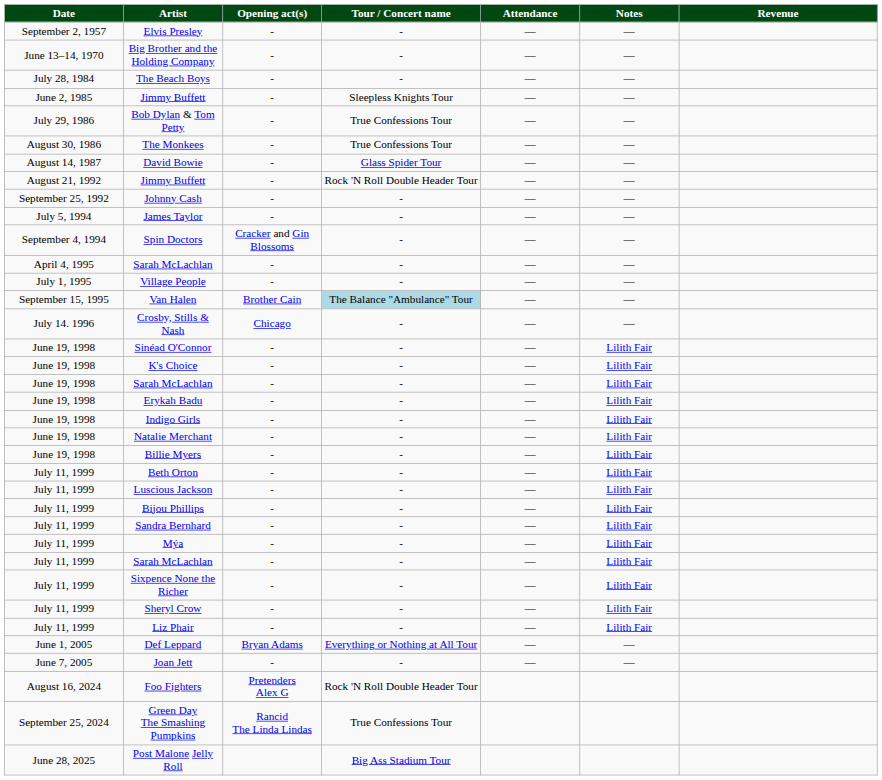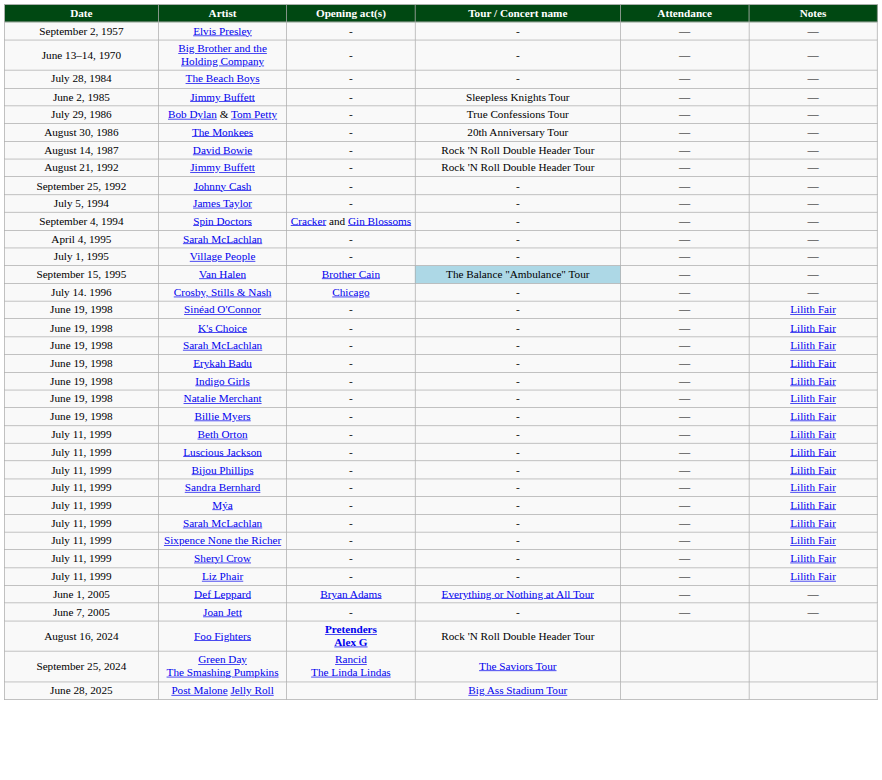 <table class="wikitable" style="text-align:center;">
 <tr>
 <th width=12% style="text-align:center; background:#004812; color:#FFFFFF; ">Date</th>
 <th width=10% style="text-align:center; background:#004812; color:#FFFFFF; ">Artist</th>
 <th width=10% style="text-align:center; background:#004812; color:#FFFFFF; ">Opening act(s)</th>
 <th width=16% style="text-align:center; background:#004812; color:#FFFFFF; ">Tour / Concert name</th>
 <th width=10% style="text-align:center; background:#004812; color:#FFFFFF; ">Attendance</th>
 <th width=10% style="text-align:center; background:#004812; color:#FFFFFF; ">Notes</th>
-<th width=20% style="text-align:center; background:#004812; color:#FFFFFF; ">Revenue</th>
 </tr>
 <tr>
 <td>September 2, 1957</td>
 <td><a href='#'>Elvis Presley</a></td>
 <td>-</td>
 <td>-</td>
 <td>—</td>
 <td>—</td>
-<td></td>
 </tr>
 <tr>
 <td>June 13–14, 1970</td>
 <td><a href='#'>Big Brother and the Holding Company</a></td>
 <td>-</td>
 <td>-</td>
 <td>—</td>
 <td>—</td>
-<td></td>
 </tr>
 <tr>
 <td>July 28, 1984</td>
 <td><a href='#'>The Beach Boys</a></td>
 <td>-</td>
 <td>-</td>
 <td>—</td>
 <td>—</td>
-<td></td>
 </tr>
 <tr>
 <td>June 2, 1985</td>
 <td><a href='#'>Jimmy Buffett</a></td>
 <td>-</td>
 <td>Sleepless Knights Tour</td>
 <td>—</td>
 <td>—</td>
-<td></td>
 </tr>
 <tr>
 <td>July 29, 1986</td>
 <td><a href='#'>Bob Dylan</a> & <a href='#'>Tom Petty</a></td>
 <td>-</td>
 <td>True Confessions Tour</td>
 <td>—</td>
 <td>—</td>
-<td></td>
 </tr>
 <tr>
 <td>August 30, 1986</td>
 <td><a href='#'>The Monkees</a></td>
 <td>-</td>
-<td>True Confessions Tour</td>
+<td>20th Anniversary Tour</td>
 <td>—</td>
 <td>—</td>
-<td></td>
 </tr>
 <tr>
 <td>August 14, 1987</td>
 <td><a href='#'>David Bowie</a></td>
 <td>-</td>
-<td><a href='#'>Glass Spider Tour</a></td>
+<td>Rock 'N Roll Double Header Tour</td>
 <td>—</td>
 <td>—</td>
-<td></td>
 </tr>
 <tr>
 <td>August 21, 1992</td>
 <td><a href='#'>Jimmy Buffett</a></td>
 <td>-</td>
 <td>Rock 'N Roll Double Header Tour</td>
 <td>—</td>
 <td>—</td>
-<td></td>
 </tr>
 <tr>
 <td>September 25, 1992</td>
 <td><a href='#'>Johnny Cash</a></td>
 <td>-</td>
 <td>-</td>
 <td>—</td>
 <td>—</td>
-<td></td>
 </tr>
 <tr>
 <td>July 5, 1994</td>
 <td><a href='#'>James Taylor</a></td>
 <td>-</td>
 <td>-</td>
 <td>—</td>
 <td>—</td>
-<td></td>
 </tr>
 <tr>
 <td>September 4, 1994</td>
 <td><a href='#'>Spin Doctors</a></td>
 <td><a href='#'>Cracker</a> and <a href='#'>Gin Blossoms</a></td>
 <td>-</td>
 <td>—</td>
 <td>—</td>
-<td></td>
 </tr>
 <tr>
 <td>April 4, 1995</td>
 <td><a href='#'>Sarah McLachlan</a></td>
 <td>-</td>
 <td>-</td>
 <td>—</td>
 <td>—</td>
-<td></td>
 </tr>
 <tr>
 <td>July 1, 1995</td>
 <td><a href='#'>Village People</a></td>
 <td>-</td>
 <td>-</td>
 <td>—</td>
 <td>—</td>
-<td></td>
 </tr>
 <tr>
 <td>September 15, 1995</td>
 <td><a href='#'>Van Halen</a></td>
 <td><a href='#'>Brother Cain</a></td>
 <td style="background: lightblue;">The Balance "Ambulance" Tour</td>
 <td>—</td>
 <td>—</td>
-<td></td>
 </tr>
 <tr>
 <td>July 14. 1996</td>
 <td><a href='#'>Crosby, Stills & Nash</a></td>
 <td><a href='#'>Chicago</a></td>
 <td>-</td>
 <td>—</td>
 <td>—</td>
-<td></td>
 </tr>
 <tr>
 <td>June 19, 1998</td>
 <td><a href='#'>Sinéad O'Connor</a></td>
 <td>-</td>
 <td>-</td>
 <td>—</td>
 <td><a href='#'>Lilith Fair</a></td>
-<td></td>
 </tr>
 <tr>
 <td>June 19, 1998</td>
 <td><a href='#'>K's Choice</a></td>
 <td>-</td>
 <td>-</td>
 <td>—</td>
 <td><a href='#'>Lilith Fair</a></td>
-<td></td>
 </tr>
 <tr>
 <td>June 19, 1998</td>
 <td><a href='#'>Sarah McLachlan</a></td>
 <td>-</td>
 <td>-</td>
 <td>—</td>
 <td><a href='#'>Lilith Fair</a></td>
-<td></td>
 </tr>
 <tr>
 <td>June 19, 1998</td>
 <td><a href='#'>Erykah Badu</a></td>
 <td>-</td>
 <td>-</td>
 <td>—</td>
 <td><a href='#'>Lilith Fair</a></td>
-<td></td>
 </tr>
 <tr>
 <td>June 19, 1998</td>
 <td><a href='#'>Indigo Girls</a></td>
 <td>-</td>
 <td>-</td>
 <td>—</td>
 <td><a href='#'>Lilith Fair</a></td>
-<td></td>
 </tr>
 <tr>
 <td>June 19, 1998</td>
 <td><a href='#'>Natalie Merchant</a></td>
 <td>-</td>
 <td>-</td>
 <td>—</td>
 <td><a href='#'>Lilith Fair</a></td>
-<td></td>
 </tr>
 <tr>
 <td>June 19, 1998</td>
 <td><a href='#'>Billie Myers</a></td>
 <td>-</td>
 <td>-</td>
 <td>—</td>
 <td><a href='#'>Lilith Fair</a></td>
-<td></td>
 </tr>
 <tr>
 <td>July 11, 1999</td>
 <td><a href='#'>Beth Orton</a></td>
 <td>-</td>
 <td>-</td>
 <td>—</td>
 <td><a href='#'>Lilith Fair</a></td>
-<td></td>
 </tr>
 <tr>
 <td>July 11, 1999</td>
 <td><a href='#'>Luscious Jackson</a></td>
 <td>-</td>
 <td>-</td>
 <td>—</td>
 <td><a href='#'>Lilith Fair</a></td>
-<td></td>
 </tr>
 <tr>
 <td>July 11, 1999</td>
 <td><a href='#'>Bijou Phillips</a></td>
 <td>-</td>
 <td>-</td>
 <td>—</td>
 <td><a href='#'>Lilith Fair</a></td>
-<td></td>
 </tr>
 <tr>
 <td>July 11, 1999</td>
 <td><a href='#'>Sandra Bernhard</a></td>
 <td>-</td>
 <td>-</td>
 <td>—</td>
 <td><a href='#'>Lilith Fair</a></td>
-<td></td>
 </tr>
 <tr>
 <td>July 11, 1999</td>
 <td><a href='#'>Mýa</a></td>
 <td>-</td>
 <td>-</td>
 <td>—</td>
 <td><a href='#'>Lilith Fair</a></td>
-<td></td>
 </tr>
 <tr>
 <td>July 11, 1999</td>
 <td><a href='#'>Sarah McLachlan</a></td>
 <td>-</td>
 <td>-</td>
 <td>—</td>
 <td><a href='#'>Lilith Fair</a></td>
-<td></td>
 </tr>
 <tr>
 <td>July 11, 1999</td>
 <td><a href='#'>Sixpence None the Richer</a></td>
 <td>-</td>
 <td>-</td>
 <td>—</td>
 <td><a href='#'>Lilith Fair</a></td>
-<td></td>
 </tr>
 <tr>
 <td>July 11, 1999</td>
 <td><a href='#'>Sheryl Crow</a></td>
 <td>-</td>
 <td>-</td>
 <td>—</td>
 <td><a href='#'>Lilith Fair</a></td>
-<td></td>
 </tr>
 <tr>
 <td>July 11, 1999</td>
 <td><a href='#'>Liz Phair</a></td>
 <td>-</td>
 <td>-</td>
 <td>—</td>
 <td><a href='#'>Lilith Fair</a></td>
-<td></td>
 </tr>
 <tr>
 <td>June 1, 2005</td>
 <td><a href='#'>Def Leppard</a></td>
 <td><a href='#'>Bryan Adams</a></td>
 <td><a href='#'>Everything or Nothing at All Tour</a></td>
 <td>—</td>
 <td>—</td>
-<td></td>
 </tr>
 <tr>
 <td>June 7, 2005</td>
 <td><a href='#'>Joan Jett</a></td>
 <td>-</td>
 <td>-</td>
 <td>—</td>
 <td>—</td>
-<td></td>
 </tr>
 <tr>
 <td>August 16, 2024</td>
 <td><a href='#'>Foo Fighters</a></td>
-<td><a href='#'>Pretenders</a><br><a href='#'>Alex G</a></td>
+<td><strong><a href='#'>Pretenders</a><br><a href='#'>Alex G</a></strong></td>
 <td>Rock 'N Roll Double Header Tour</td>
-<td></td>
 <td></td>
 <td></td>
 </tr>
 <tr>
 <td>September 25, 2024</td>
 <td><a href='#'>Green Day</a><br><a href='#'>The Smashing Pumpkins</a></td>
 <td><a href='#'>Rancid</a><br><a href='#'>The Linda Lindas</a></td>
-<td>True Confessions Tour</td>
-<td></td>
+<td><a href='#'>The Saviors Tour</a></td>
 <td></td>
 <td></td>
 </tr>
 <tr>
 <td>June 28, 2025</td>
 <td><a href='#'>Post Malone</a> <a href='#'>Jelly Roll</a></td>
 <td></td>
 <td><a href='#'>Big Ass Stadium Tour</a></td>
 <td></td>
 <td></td>
-<td></td>
 </tr>
 </table>
